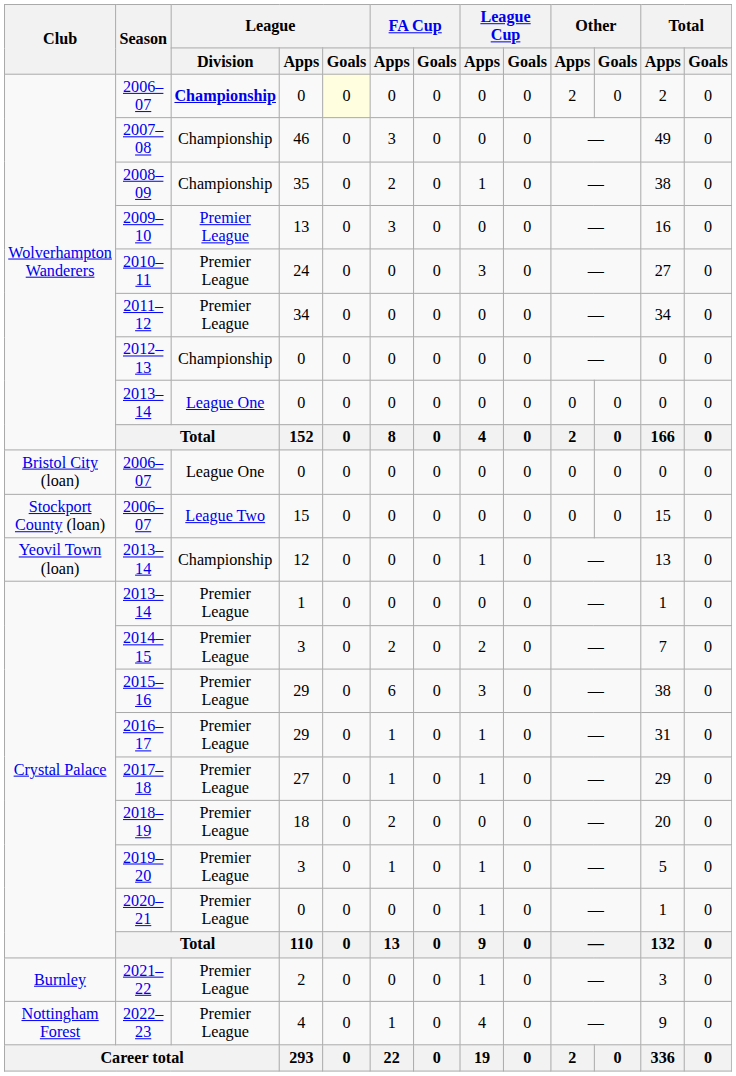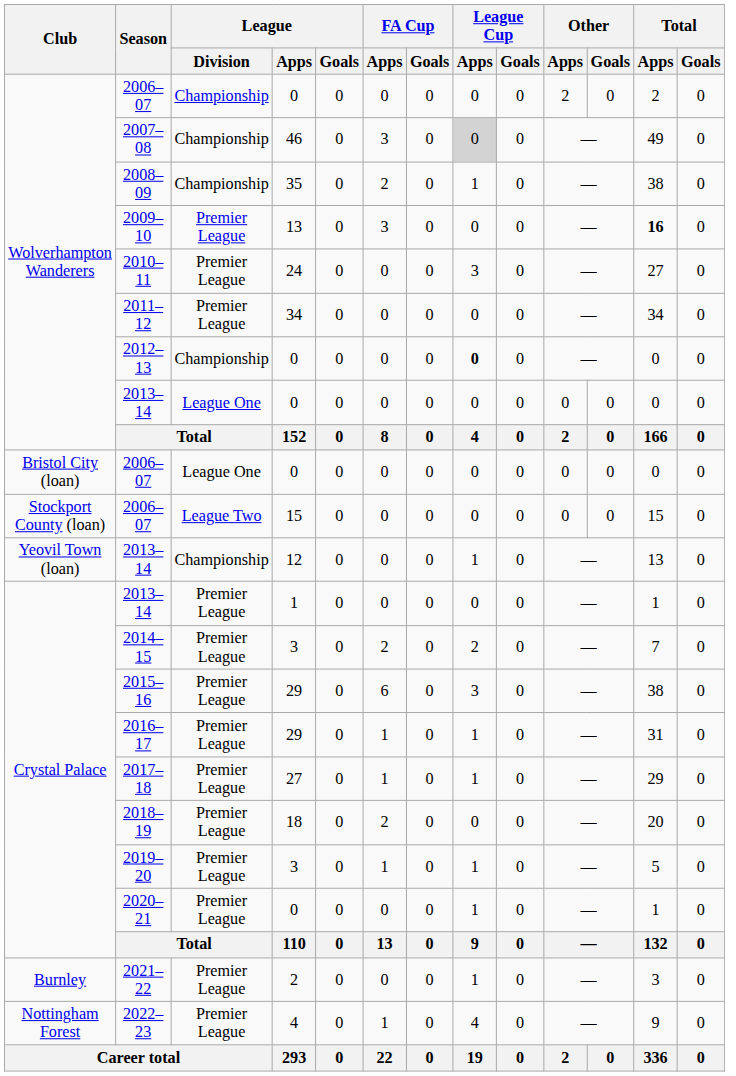 <table class="wikitable" style="text-align: center">
 <tr>
 <th rowspan=2>Club</th>
 <th rowspan=2>Season</th>
 <th colspan=3>League</th>
 <th colspan=2><a href='#'>FA Cup</a></th>
 <th colspan=2><a href='#'>League Cup</a></th>
 <th colspan=2>Other</th>
 <th colspan=2>Total</th>
 </tr>
 <tr>
 <th>Division</th>
 <th>Apps</th>
 <th>Goals</th>
 <th>Apps</th>
 <th>Goals</th>
 <th>Apps</th>
 <th>Goals</th>
 <th>Apps</th>
 <th>Goals</th>
 <th>Apps</th>
 <th>Goals</th>
 </tr>
 <tr>
 <td rowspan=9><a href='#'>Wolverhampton Wanderers</a></td>
 <td><a href='#'>2006–07</a></td>
-<td><strong><a href='#'>Championship</a></strong></td>
+<td><a href='#'>Championship</a></td>
 <td>0</td>
-<td style="background: lightyellow;">0</td>
+<td>0</td>
 <td>0</td>
 <td>0</td>
 <td>0</td>
 <td>0</td>
 <td>2</td>
 <td>0</td>
 <td>2</td>
 <td>0</td>
 </tr>
 <tr>
 <td><a href='#'>2007–08</a></td>
 <td>Championship</td>
 <td>46</td>
 <td>0</td>
 <td>3</td>
 <td>0</td>
-<td>0</td>
+<td style="background: lightgrey;">0</td>
 <td>0</td>
 <td colspan=2>—</td>
 <td>49</td>
 <td>0</td>
 </tr>
 <tr>
 <td><a href='#'>2008–09</a></td>
 <td>Championship</td>
 <td>35</td>
 <td>0</td>
 <td>2</td>
 <td>0</td>
 <td>1</td>
 <td>0</td>
 <td colspan=2>—</td>
 <td>38</td>
 <td>0</td>
 </tr>
 <tr>
 <td><a href='#'>2009–10</a></td>
 <td><a href='#'>Premier League</a></td>
 <td>13</td>
 <td>0</td>
 <td>3</td>
 <td>0</td>
 <td>0</td>
 <td>0</td>
 <td colspan=2>—</td>
-<td>16</td>
+<td><strong>16</strong></td>
 <td>0</td>
 </tr>
 <tr>
 <td><a href='#'>2010–11</a></td>
 <td>Premier League</td>
 <td>24</td>
 <td>0</td>
 <td>0</td>
 <td>0</td>
 <td>3</td>
 <td>0</td>
 <td colspan=2>—</td>
 <td>27</td>
 <td>0</td>
 </tr>
 <tr>
 <td><a href='#'>2011–12</a></td>
 <td>Premier League</td>
 <td>34</td>
 <td>0</td>
 <td>0</td>
 <td>0</td>
 <td>0</td>
 <td>0</td>
 <td colspan=2>—</td>
 <td>34</td>
 <td>0</td>
 </tr>
 <tr>
 <td><a href='#'>2012–13</a></td>
 <td>Championship</td>
 <td>0</td>
 <td>0</td>
 <td>0</td>
 <td>0</td>
-<td>0</td>
+<td><strong>0</strong></td>
 <td>0</td>
 <td colspan=2>—</td>
 <td>0</td>
 <td>0</td>
 </tr>
 <tr>
 <td><a href='#'>2013–14</a></td>
 <td><a href='#'>League One</a></td>
 <td>0</td>
 <td>0</td>
 <td>0</td>
 <td>0</td>
 <td>0</td>
 <td>0</td>
 <td>0</td>
 <td>0</td>
 <td>0</td>
 <td>0</td>
 </tr>
 <tr>
 <th colspan=2>Total</th>
 <th>152</th>
 <th>0</th>
 <th>8</th>
 <th>0</th>
 <th>4</th>
 <th>0</th>
 <th>2</th>
 <th>0</th>
 <th>166</th>
 <th>0</th>
 </tr>
 <tr>
 <td><a href='#'>Bristol City</a> (loan)</td>
 <td><a href='#'>2006–07</a></td>
 <td>League One</td>
 <td>0</td>
 <td>0</td>
 <td>0</td>
 <td>0</td>
 <td>0</td>
 <td>0</td>
 <td>0</td>
 <td>0</td>
 <td>0</td>
 <td>0</td>
 </tr>
 <tr>
 <td><a href='#'>Stockport County</a> (loan)</td>
 <td><a href='#'>2006–07</a></td>
 <td><a href='#'>League Two</a></td>
 <td>15</td>
 <td>0</td>
 <td>0</td>
 <td>0</td>
 <td>0</td>
 <td>0</td>
 <td>0</td>
 <td>0</td>
 <td>15</td>
 <td>0</td>
 </tr>
 <tr>
 <td><a href='#'>Yeovil Town</a> (loan)</td>
 <td><a href='#'>2013–14</a></td>
 <td>Championship</td>
 <td>12</td>
 <td>0</td>
 <td>0</td>
 <td>0</td>
 <td>1</td>
 <td>0</td>
 <td colspan=2>—</td>
 <td>13</td>
 <td>0</td>
 </tr>
 <tr>
 <td rowspan=9><a href='#'>Crystal Palace</a></td>
 <td><a href='#'>2013–14</a></td>
 <td>Premier League</td>
 <td>1</td>
 <td>0</td>
 <td>0</td>
 <td>0</td>
 <td>0</td>
 <td>0</td>
 <td colspan=2>—</td>
 <td>1</td>
 <td>0</td>
 </tr>
 <tr>
 <td><a href='#'>2014–15</a></td>
 <td>Premier League</td>
 <td>3</td>
 <td>0</td>
 <td>2</td>
 <td>0</td>
 <td>2</td>
 <td>0</td>
 <td colspan=2>—</td>
 <td>7</td>
 <td>0</td>
 </tr>
 <tr>
 <td><a href='#'>2015–16</a></td>
 <td>Premier League</td>
 <td>29</td>
 <td>0</td>
 <td>6</td>
 <td>0</td>
 <td>3</td>
 <td>0</td>
 <td colspan=2>—</td>
 <td>38</td>
 <td>0</td>
 </tr>
 <tr>
 <td><a href='#'>2016–17</a></td>
 <td>Premier League</td>
 <td>29</td>
 <td>0</td>
 <td>1</td>
 <td>0</td>
 <td>1</td>
 <td>0</td>
 <td colspan=2>—</td>
 <td>31</td>
 <td>0</td>
 </tr>
 <tr>
 <td><a href='#'>2017–18</a></td>
 <td>Premier League</td>
 <td>27</td>
 <td>0</td>
 <td>1</td>
 <td>0</td>
 <td>1</td>
 <td>0</td>
 <td colspan=2>—</td>
 <td>29</td>
 <td>0</td>
 </tr>
 <tr>
 <td><a href='#'>2018–19</a></td>
 <td>Premier League</td>
 <td>18</td>
 <td>0</td>
 <td>2</td>
 <td>0</td>
 <td>0</td>
 <td>0</td>
 <td colspan=2>—</td>
 <td>20</td>
 <td>0</td>
 </tr>
 <tr>
 <td><a href='#'>2019–20</a></td>
 <td>Premier League</td>
 <td>3</td>
 <td>0</td>
 <td>1</td>
 <td>0</td>
 <td>1</td>
 <td>0</td>
 <td colspan=2>—</td>
 <td>5</td>
 <td>0</td>
 </tr>
 <tr>
 <td><a href='#'>2020–21</a></td>
 <td>Premier League</td>
 <td>0</td>
 <td>0</td>
 <td>0</td>
 <td>0</td>
 <td>1</td>
 <td>0</td>
 <td colspan=2>—</td>
 <td>1</td>
 <td>0</td>
 </tr>
 <tr>
 <th colspan=2>Total</th>
 <th>110</th>
 <th>0</th>
 <th>13</th>
 <th>0</th>
 <th>9</th>
 <th>0</th>
 <th colspan=2>—</th>
 <th>132</th>
 <th>0</th>
 </tr>
 <tr>
 <td><a href='#'>Burnley</a></td>
 <td><a href='#'>2021–22</a></td>
 <td>Premier League</td>
 <td>2</td>
 <td>0</td>
 <td>0</td>
 <td>0</td>
 <td>1</td>
 <td>0</td>
 <td colspan=2>—</td>
 <td>3</td>
 <td>0</td>
 </tr>
 <tr>
 <td><a href='#'>Nottingham Forest</a></td>
 <td><a href='#'>2022–23</a></td>
 <td>Premier League</td>
 <td>4</td>
 <td>0</td>
 <td>1</td>
 <td>0</td>
 <td>4</td>
 <td>0</td>
 <td colspan=2>—</td>
 <td>9</td>
 <td>0</td>
 </tr>
 <tr>
 <th colspan=3>Career total</th>
 <th>293</th>
 <th>0</th>
 <th>22</th>
 <th>0</th>
 <th>19</th>
 <th>0</th>
 <th>2</th>
 <th>0</th>
 <th>336</th>
 <th>0</th>
 </tr>
 </table>
